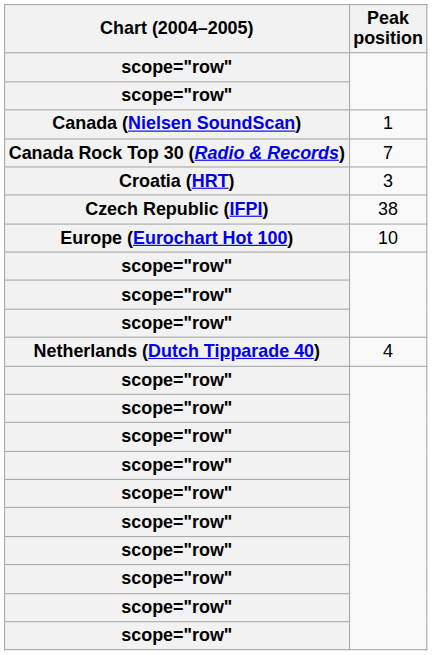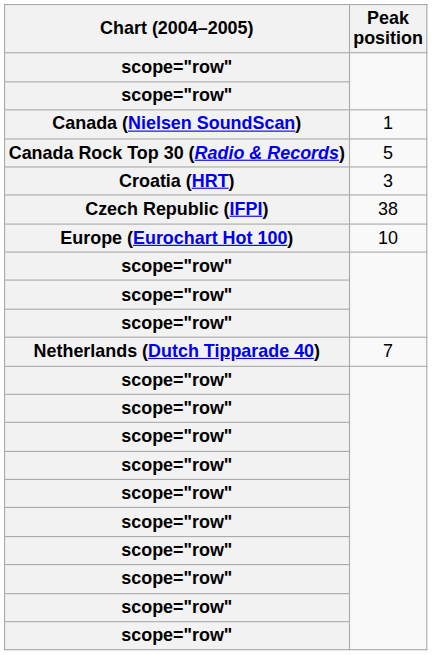 <table class="wikitable sortable plainrowheaders" style="text-align:center">
 <tr>
 <th scope="col">Chart (2004–2005)</th>
 <th scope="col">Peak<br>position</th>
 </tr>
 <tr>
 <th>scope="row"</th>
 </tr>
 <tr>
 <th>scope="row"</th>
 </tr>
 <tr>
 <th scope="row">Canada (<a href='#'>Nielsen SoundScan</a>)</th>
 <td>1</td>
 </tr>
 <tr>
 <th scope="row">Canada Rock Top 30 (<em><a href='#'>Radio & Records</a></em>)</th>
-<td>7</td>
+<td>5</td>
 </tr>
 <tr>
 <th scope="row">Croatia (<a href='#'>HRT</a>)</th>
 <td>3</td>
 </tr>
 <tr>
 <th scope="row">Czech Republic (<a href='#'>IFPI</a>)</th>
 <td>38</td>
 </tr>
 <tr>
 <th scope="row">Europe (<a href='#'>Eurochart Hot 100</a>)</th>
 <td>10</td>
 </tr>
 <tr>
 <th>scope="row"</th>
 </tr>
 <tr>
 <th>scope="row"</th>
 </tr>
 <tr>
 <th>scope="row"</th>
 </tr>
 <tr>
 <th scope="row">Netherlands (<a href='#'>Dutch Tipparade 40</a>)</th>
-<td>4</td>
+<td>7</td>
 </tr>
 <tr>
 <th>scope="row"</th>
 </tr>
 <tr>
 <th>scope="row"</th>
 </tr>
 <tr>
 <th>scope="row"</th>
 </tr>
 <tr>
 <th>scope="row"</th>
 </tr>
 <tr>
 <th>scope="row"</th>
 </tr>
 <tr>
 <th>scope="row"</th>
 </tr>
 <tr>
 <th>scope="row"</th>
 </tr>
 <tr>
 <th>scope="row"</th>
 </tr>
 <tr>
 <th>scope="row"</th>
 </tr>
 <tr>
 <th>scope="row"</th>
 </tr>
 </table>
